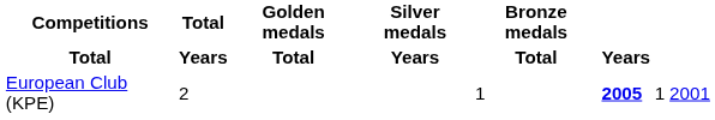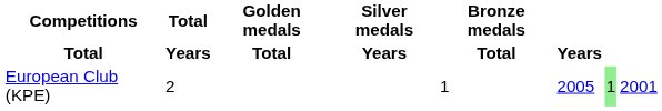 <table border=0 width=100%>
 <tr align=center>
 <th>Competitions</th>
 <th>Total</th>
 <th>Golden medals</th>
 <th>Silver medals</th>
 <th>Bronze medals</th>
 </tr>
 <tr align=center>
 <th>Total</th>
 <th>Years</th>
 <th>Total</th>
 <th>Years</th>
 <th>Total</th>
 <th>Years</th>
 </tr>
 <tr>
 <td><a href='#'>European Club</a> (KPE) <br></td>
 <td>2</td>
 <td></td>
 <td></td>
 <td>1</td>
-<td><strong><a href='#'>2005</a></strong></td>
-<td>1</td>
+<td><a href='#'>2005</a></td>
+<td style="background: lightgreen;">1</td>
 <td><a href='#'>2001</a></td>
 </tr>
 </table>
